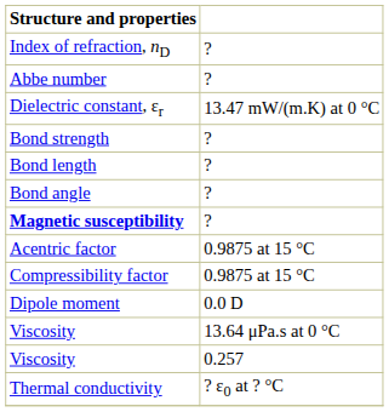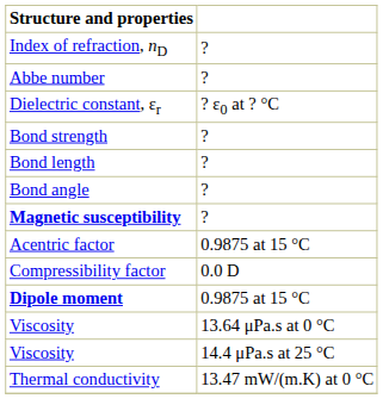 <table border="1" cellspacing="0" cellpadding="3" style="margin: 0 0 0 0.5em; background: #FFFFFF; border-collapse: collapse; border-color: #C0C090;">
 <tr>
 <th>Structure and properties</th>
 </tr>
 <tr>
 <td><a href='#'>Index of refraction</a>, <em>n</em><sub>D</sub></td>
 <td>? </td>
 </tr>
 <tr>
 <td><a href='#'>Abbe number</a></td>
 <td>? </td>
 </tr>
 <tr>
 <td><a href='#'>Dielectric constant</a>, ε<sub>r</sub></td>
-<td>13.47 mW/(m.K) at 0 °C </td>
+<td>? ε<sub>0</sub> at ? °C </td>
 </tr>
 <tr>
 <td><a href='#'>Bond strength</a></td>
 <td>? </td>
 </tr>
 <tr>
 <td><a href='#'>Bond length</a></td>
 <td>? </td>
 </tr>
 <tr>
 <td><a href='#'>Bond angle</a></td>
 <td>? </td>
 </tr>
 <tr>
 <td><strong><a href='#'>Magnetic susceptibility</a></strong></td>
 <td>? </td>
 </tr>
 <tr>
 <td><a href='#'>Acentric factor</a></td>
 <td>0.9875 at 15 °C </td>
 </tr>
 <tr>
 <td><a href='#'>Compressibility factor</a></td>
-<td>0.9875 at 15 °C </td>
+<td>0.0 D </td>
 </tr>
 <tr>
-<td><a href='#'>Dipole moment</a></td>
-<td>0.0 D </td>
+<td><strong><a href='#'>Dipole moment</a></strong></td>
+<td>0.9875 at 15 °C </td>
 </tr>
 <tr>
 <td><a href='#'>Viscosity</a></td>
 <td>13.64 μPa.s at 0 °C </td>
 </tr>
 <tr>
 <td><a href='#'>Viscosity</a></td>
-<td>0.257 </td>
+<td>14.4 μPa.s at 25 °C </td>
 </tr>
 <tr>
 <td><a href='#'>Thermal conductivity</a></td>
-<td>? ε<sub>0</sub> at ? °C </td>
+<td>13.47 mW/(m.K) at 0 °C </td>
 </tr>
 <tr>
 </tr>
 </table>
